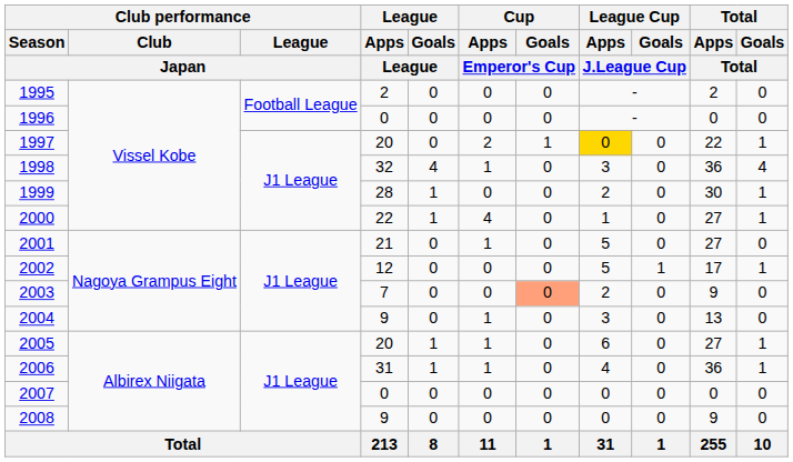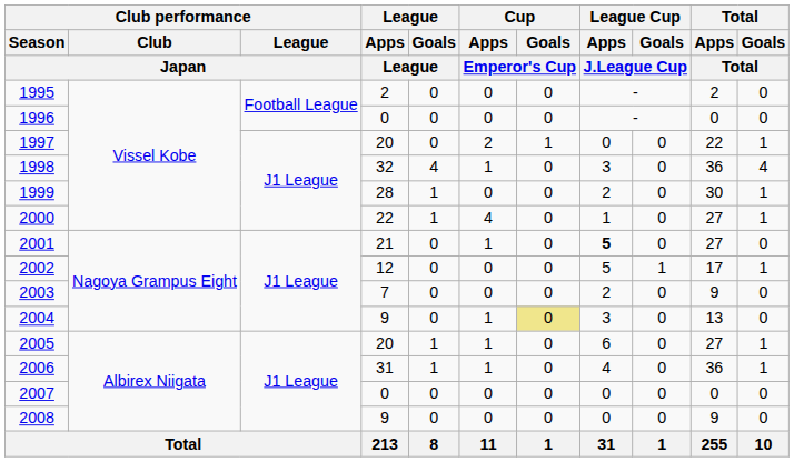 <table class="wikitable" style="text-align:center;">
 <tr>
 <th colspan=3>Club performance</th>
 <th colspan=2>League</th>
 <th colspan=2>Cup</th>
 <th colspan=2>League Cup</th>
 <th colspan=2>Total</th>
 </tr>
 <tr>
 <th>Season</th>
 <th>Club</th>
 <th>League</th>
 <th>Apps</th>
 <th>Goals</th>
 <th>Apps</th>
 <th>Goals</th>
 <th>Apps</th>
 <th>Goals</th>
 <th>Apps</th>
 <th>Goals</th>
 </tr>
 <tr>
 <th colspan=3>Japan</th>
 <th colspan=2>League</th>
 <th colspan=2><a href='#'>Emperor's Cup</a></th>
 <th colspan=2><a href='#'>J.League Cup</a></th>
 <th colspan=2>Total</th>
 </tr>
 <tr>
 <td><a href='#'>1995</a></td>
 <td rowspan="6"><a href='#'>Vissel Kobe</a></td>
 <td rowspan="2"><a href='#'>Football League</a></td>
 <td>2</td>
 <td>0</td>
 <td>0</td>
 <td>0</td>
 <td colspan="2">-</td>
 <td>2</td>
 <td>0</td>
 </tr>
 <tr>
 <td><a href='#'>1996</a></td>
 <td>0</td>
 <td>0</td>
 <td>0</td>
 <td>0</td>
 <td colspan="2">-</td>
 <td>0</td>
 <td>0</td>
 </tr>
 <tr>
 <td><a href='#'>1997</a></td>
 <td rowspan="4"><a href='#'>J1 League</a></td>
 <td>20</td>
 <td>0</td>
 <td>2</td>
 <td>1</td>
-<td style="background: gold;">0</td>
+<td>0</td>
 <td>0</td>
 <td>22</td>
 <td>1</td>
 </tr>
 <tr>
 <td><a href='#'>1998</a></td>
 <td>32</td>
 <td>4</td>
 <td>1</td>
 <td>0</td>
 <td>3</td>
 <td>0</td>
 <td>36</td>
 <td>4</td>
 </tr>
 <tr>
 <td><a href='#'>1999</a></td>
 <td>28</td>
 <td>1</td>
 <td>0</td>
 <td>0</td>
 <td>2</td>
 <td>0</td>
 <td>30</td>
 <td>1</td>
 </tr>
 <tr>
 <td><a href='#'>2000</a></td>
 <td>22</td>
 <td>1</td>
 <td>4</td>
 <td>0</td>
 <td>1</td>
 <td>0</td>
 <td>27</td>
 <td>1</td>
 </tr>
 <tr>
 <td><a href='#'>2001</a></td>
 <td rowspan="4"><a href='#'>Nagoya Grampus Eight</a></td>
 <td rowspan="4"><a href='#'>J1 League</a></td>
 <td>21</td>
 <td>0</td>
 <td>1</td>
 <td>0</td>
-<td>5</td>
+<td><strong>5</strong></td>
 <td>0</td>
 <td>27</td>
 <td>0</td>
 </tr>
 <tr>
 <td><a href='#'>2002</a></td>
 <td>12</td>
 <td>0</td>
 <td>0</td>
 <td>0</td>
 <td>5</td>
 <td>1</td>
 <td>17</td>
 <td>1</td>
 </tr>
 <tr>
 <td><a href='#'>2003</a></td>
 <td>7</td>
 <td>0</td>
 <td>0</td>
-<td style="background: lightsalmon;">0</td>
+<td>0</td>
 <td>2</td>
 <td>0</td>
 <td>9</td>
 <td>0</td>
 </tr>
 <tr>
 <td><a href='#'>2004</a></td>
 <td>9</td>
 <td>0</td>
 <td>1</td>
-<td>0</td>
+<td style="background: khaki;">0</td>
 <td>3</td>
 <td>0</td>
 <td>13</td>
 <td>0</td>
 </tr>
 <tr>
 <td><a href='#'>2005</a></td>
 <td rowspan="4"><a href='#'>Albirex Niigata</a></td>
 <td rowspan="4"><a href='#'>J1 League</a></td>
 <td>20</td>
 <td>1</td>
 <td>1</td>
 <td>0</td>
 <td>6</td>
 <td>0</td>
 <td>27</td>
 <td>1</td>
 </tr>
 <tr>
 <td><a href='#'>2006</a></td>
 <td>31</td>
 <td>1</td>
 <td>1</td>
 <td>0</td>
 <td>4</td>
 <td>0</td>
 <td>36</td>
 <td>1</td>
 </tr>
 <tr>
 <td><a href='#'>2007</a></td>
 <td>0</td>
 <td>0</td>
 <td>0</td>
 <td>0</td>
 <td>0</td>
 <td>0</td>
 <td>0</td>
 <td>0</td>
 </tr>
 <tr>
 <td><a href='#'>2008</a></td>
 <td>9</td>
 <td>0</td>
 <td>0</td>
 <td>0</td>
 <td>0</td>
 <td>0</td>
 <td>9</td>
 <td>0</td>
 </tr>
 <tr>
 <th colspan=3>Total</th>
 <th>213</th>
 <th>8</th>
 <th>11</th>
 <th>1</th>
 <th>31</th>
 <th>1</th>
 <th>255</th>
 <th>10</th>
 </tr>
 </table>
